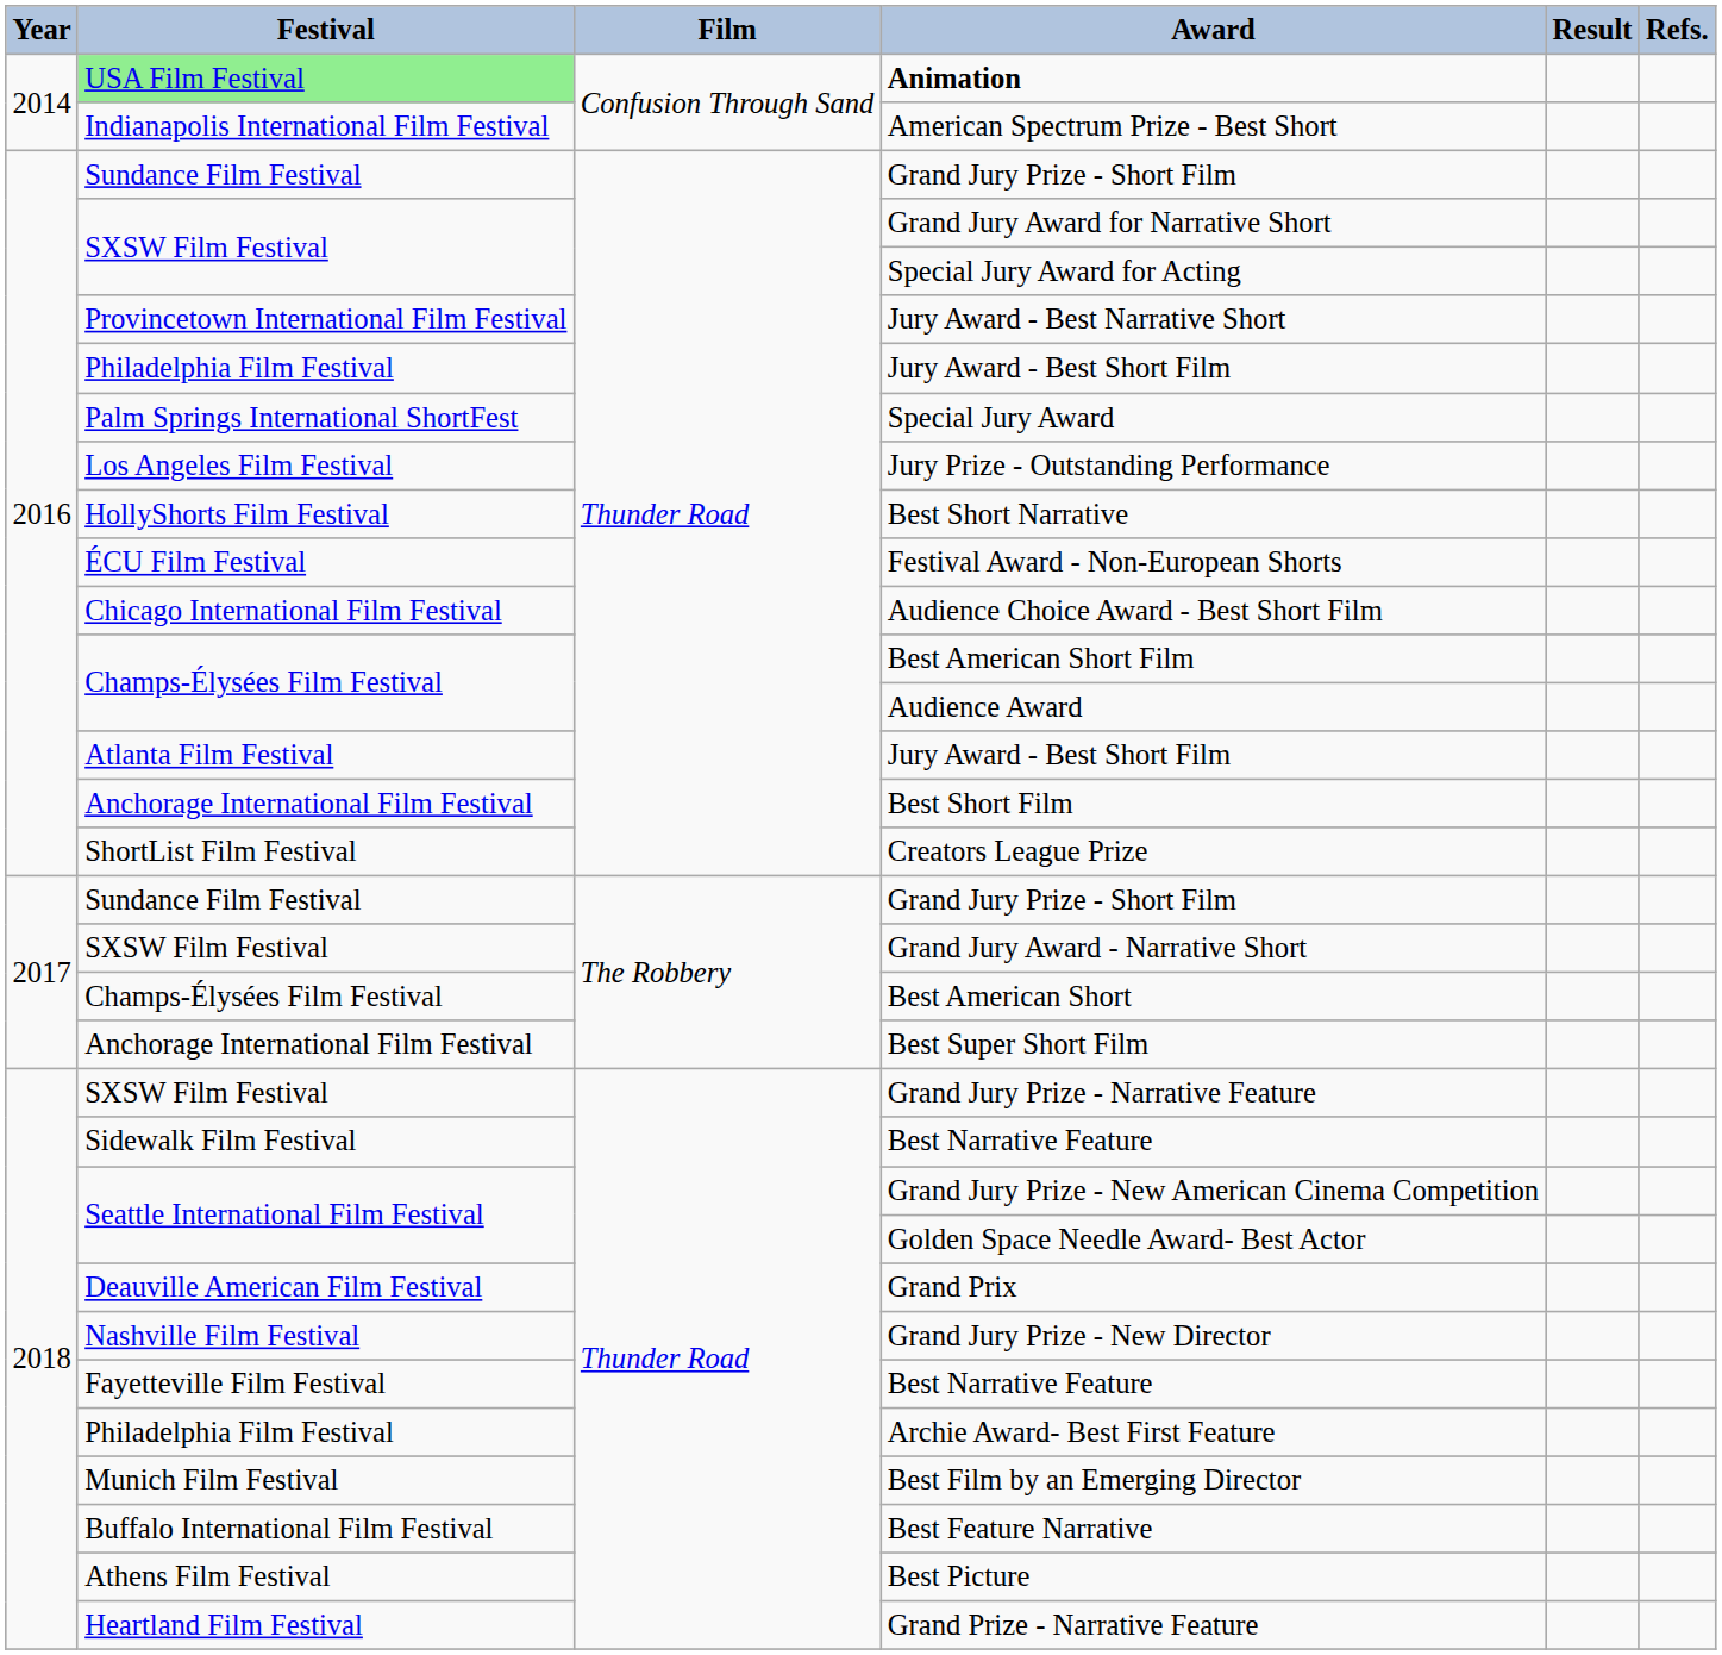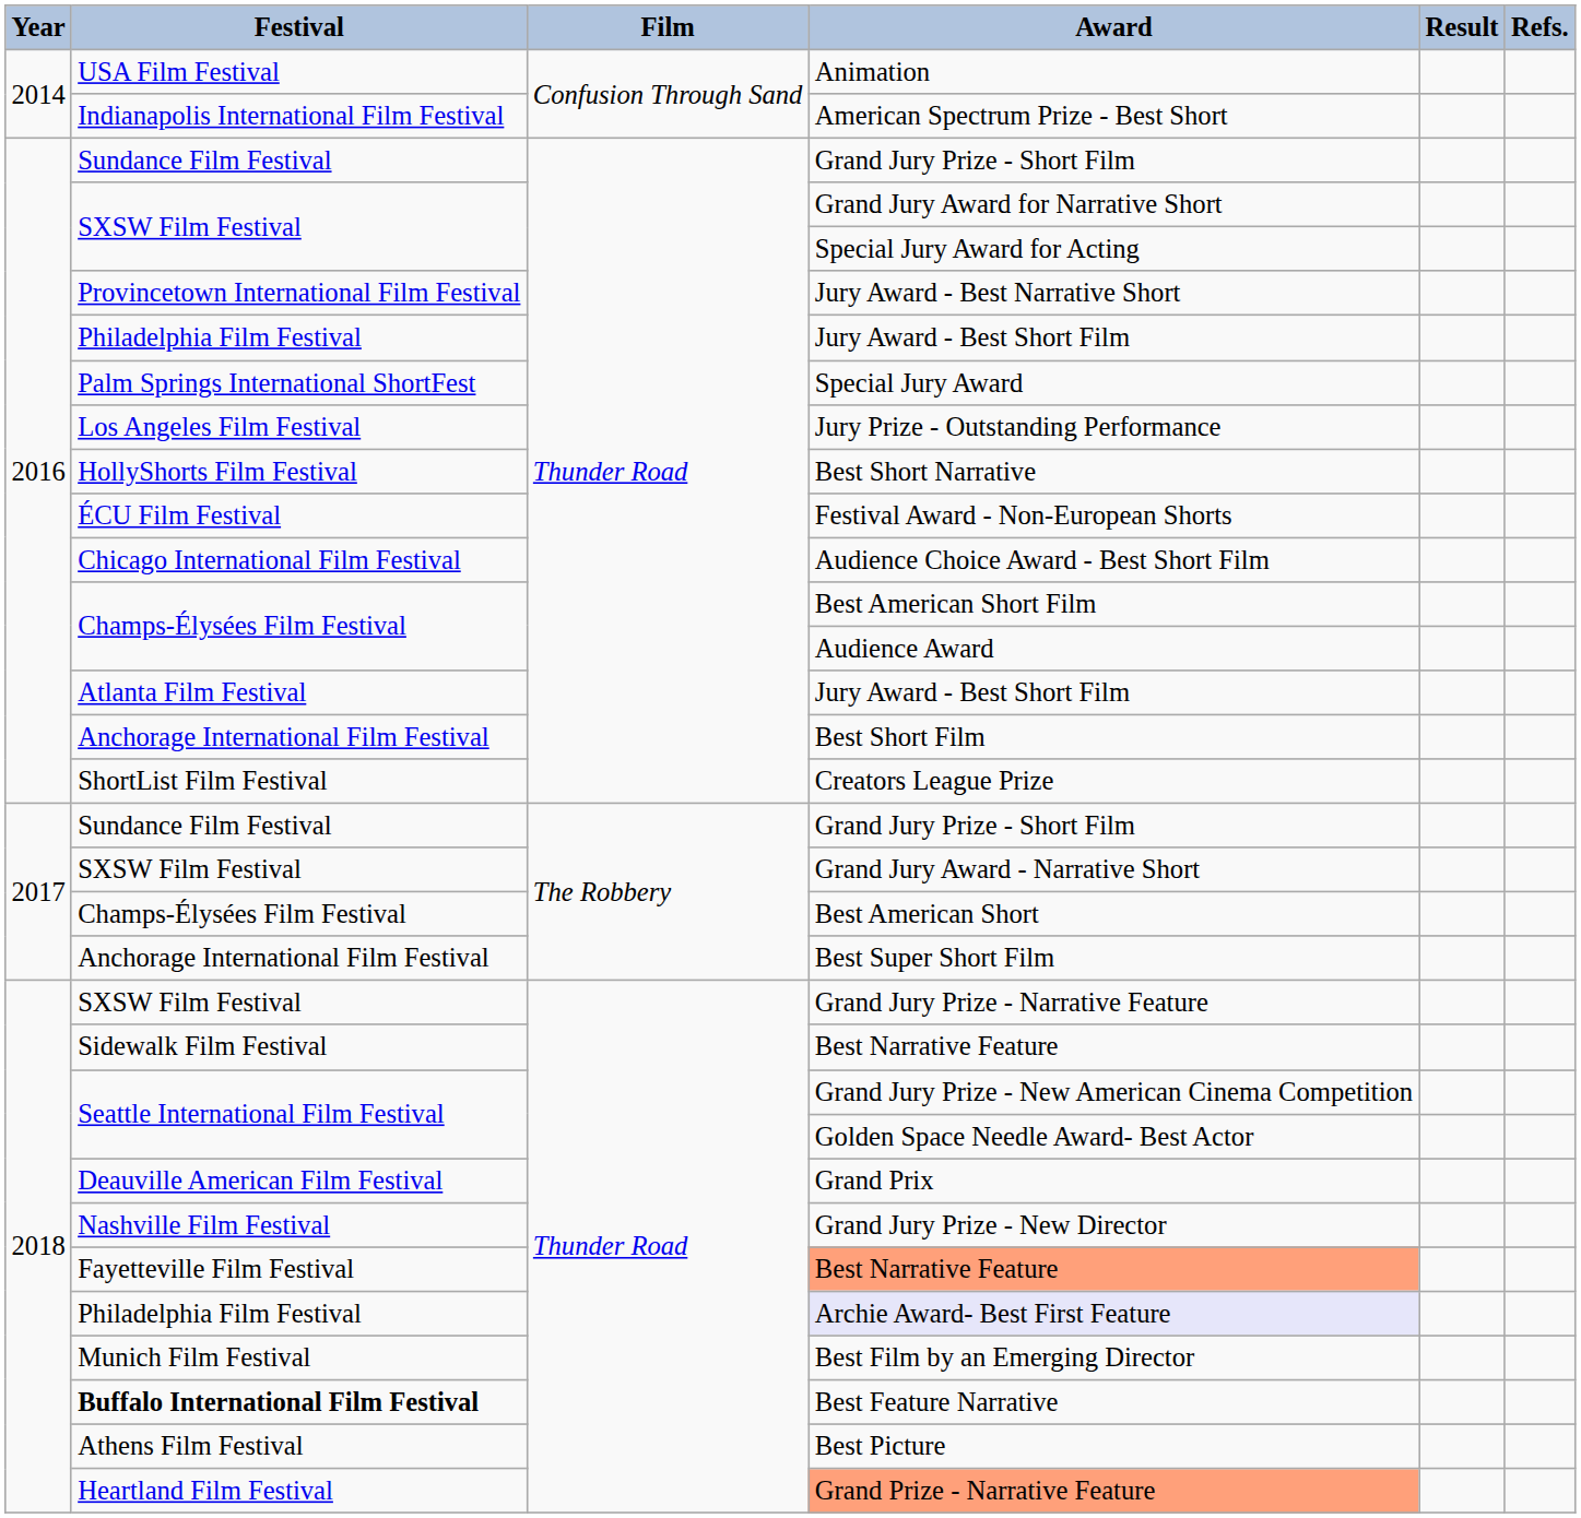 <table class="wikitable" style="font-size:95%;">
 <tr>
 <th style="background:#B0C4DE;">Year</th>
 <th style="background:#B0C4DE;">Festival</th>
 <th style="background:#B0C4DE;">Film</th>
 <th style="background:#B0C4DE;">Award</th>
 <th style="background:#B0C4DE;">Result</th>
 <th style="background:#B0C4DE;">Refs.</th>
 </tr>
 <tr>
 <td rowspan="2">2014</td>
-<td style="background: lightgreen;"><a href='#'>USA Film Festival</a></td>
+<td><a href='#'>USA Film Festival</a></td>
 <td rowspan="2"><em>Confusion Through Sand</em></td>
-<td><strong>Animation</strong></td>
+<td>Animation</td>
 <td></td>
 <td></td>
 </tr>
 <tr>
 <td><a href='#'>Indianapolis International Film Festival</a></td>
 <td>American Spectrum Prize - Best Short</td>
 <td></td>
 <td></td>
 </tr>
 <tr>
 <td rowspan="15">2016</td>
 <td><a href='#'>Sundance Film Festival</a></td>
 <td rowspan="15"><em><a href='#'>Thunder Road</a></em></td>
 <td>Grand Jury Prize - Short Film</td>
 <td></td>
 <td></td>
 </tr>
 <tr>
 <td rowspan="2"><a href='#'>SXSW Film Festival</a></td>
 <td>Grand Jury Award for Narrative Short</td>
 <td></td>
 <td></td>
 </tr>
 <tr>
 <td>Special Jury Award for Acting</td>
 <td></td>
 <td></td>
 </tr>
 <tr>
 <td><a href='#'>Provincetown International Film Festival</a></td>
 <td>Jury Award - Best Narrative Short</td>
 <td></td>
 <td></td>
 </tr>
 <tr>
 <td><a href='#'>Philadelphia Film Festival</a></td>
 <td>Jury Award - Best Short Film</td>
 <td></td>
 <td></td>
 </tr>
 <tr>
 <td><a href='#'>Palm Springs International ShortFest</a></td>
 <td>Special Jury Award</td>
 <td></td>
 <td></td>
 </tr>
 <tr>
 <td><a href='#'>Los Angeles Film Festival</a></td>
 <td>Jury Prize - Outstanding Performance</td>
 <td></td>
 <td></td>
 </tr>
 <tr>
 <td><a href='#'>HollyShorts Film Festival</a></td>
 <td>Best Short Narrative</td>
 <td></td>
 <td></td>
 </tr>
 <tr>
 <td><a href='#'>ÉCU Film Festival</a></td>
 <td>Festival Award - Non-European Shorts</td>
 <td></td>
 <td></td>
 </tr>
 <tr>
 <td><a href='#'>Chicago International Film Festival</a></td>
 <td>Audience Choice Award - Best Short Film</td>
 <td></td>
 <td></td>
 </tr>
 <tr>
 <td rowspan="2"><a href='#'>Champs-Élysées Film Festival</a></td>
 <td>Best American Short Film</td>
 <td></td>
 <td></td>
 </tr>
 <tr>
 <td>Audience Award</td>
 <td></td>
 <td></td>
 </tr>
 <tr>
 <td><a href='#'>Atlanta Film Festival</a></td>
 <td>Jury Award - Best Short Film</td>
 <td></td>
 <td></td>
 </tr>
 <tr>
 <td><a href='#'>Anchorage International Film Festival</a></td>
 <td>Best Short Film</td>
 <td></td>
 <td></td>
 </tr>
 <tr>
 <td>ShortList Film Festival</td>
 <td>Creators League Prize</td>
 <td></td>
 <td></td>
 </tr>
 <tr>
 <td rowspan="4">2017</td>
 <td>Sundance Film Festival</td>
 <td rowspan="4"><em>The Robbery</em></td>
 <td>Grand Jury Prize - Short Film</td>
 <td></td>
 <td></td>
 </tr>
 <tr>
 <td>SXSW Film Festival</td>
 <td>Grand Jury Award - Narrative Short</td>
 <td></td>
 <td></td>
 </tr>
 <tr>
 <td>Champs-Élysées Film Festival</td>
 <td>Best American Short</td>
 <td></td>
 <td></td>
 </tr>
 <tr>
 <td>Anchorage International Film Festival</td>
 <td>Best Super Short Film</td>
 <td></td>
 <td></td>
 </tr>
 <tr>
 <td rowspan="12">2018</td>
 <td>SXSW Film Festival</td>
 <td rowspan="12"><em><a href='#'>Thunder Road</a></em></td>
 <td>Grand Jury Prize - Narrative Feature</td>
 <td></td>
 <td></td>
 </tr>
 <tr>
 <td>Sidewalk Film Festival</td>
 <td>Best Narrative Feature</td>
 <td></td>
 <td></td>
 </tr>
 <tr>
 <td rowspan="2"><a href='#'>Seattle International Film Festival</a></td>
 <td>Grand Jury Prize - New American Cinema Competition</td>
 <td></td>
 <td></td>
 </tr>
 <tr>
 <td>Golden Space Needle Award- Best Actor</td>
 <td></td>
 <td></td>
 </tr>
 <tr>
 <td><a href='#'>Deauville American Film Festival</a></td>
 <td>Grand Prix</td>
 <td></td>
 <td></td>
 </tr>
 <tr>
 <td><a href='#'>Nashville Film Festival</a></td>
 <td>Grand Jury Prize - New Director</td>
 <td></td>
 <td></td>
 </tr>
 <tr>
 <td>Fayetteville Film Festival</td>
-<td>Best Narrative Feature</td>
+<td style="background: lightsalmon;">Best Narrative Feature</td>
 <td></td>
 <td></td>
 </tr>
 <tr>
 <td>Philadelphia Film Festival</td>
-<td>Archie Award- Best First Feature</td>
+<td style="background: lavender;">Archie Award- Best First Feature</td>
 <td></td>
 <td></td>
 </tr>
 <tr>
 <td>Munich Film Festival</td>
 <td>Best Film by an Emerging Director</td>
 <td></td>
 <td></td>
 </tr>
 <tr>
-<td>Buffalo International Film Festival</td>
+<td><strong>Buffalo International Film Festival</strong></td>
 <td>Best Feature Narrative</td>
 <td></td>
 <td></td>
 </tr>
 <tr>
 <td>Athens Film Festival</td>
 <td>Best Picture</td>
 <td></td>
 <td></td>
 </tr>
 <tr>
 <td><a href='#'>Heartland Film Festival</a></td>
-<td>Grand Prize - Narrative Feature</td>
+<td style="background: lightsalmon;">Grand Prize - Narrative Feature</td>
 <td></td>
 <td></td>
 </tr>
 </table>
